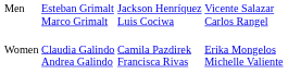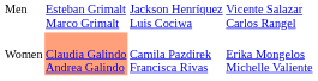 <table>
 <tr>
 <td>Men<br></td>
 <td><br><a href='#'>Esteban Grimalt</a><br><a href='#'>Marco Grimalt</a></td>
 <td><br><a href='#'>Jackson Henríquez</a><br><a href='#'>Luis Cociwa</a></td>
 <td><br><a href='#'>Vicente Salazar</a><br><a href='#'>Carlos Rangel</a></td>
 </tr>
 <tr>
 <td>Women<br></td>
-<td><br><a href='#'>Claudia Galindo</a><br><a href='#'>Andrea Galindo</a></td>
+<td style="background: lightsalmon;"><br><a href='#'>Claudia Galindo</a><br><a href='#'>Andrea Galindo</a></td>
 <td><br><a href='#'>Camila Pazdirek</a><br><a href='#'>Francisca Rivas</a></td>
 <td><br><a href='#'>Erika Mongelos</a><br><a href='#'>Michelle Valiente</a></td>
 </tr>
 </table>
